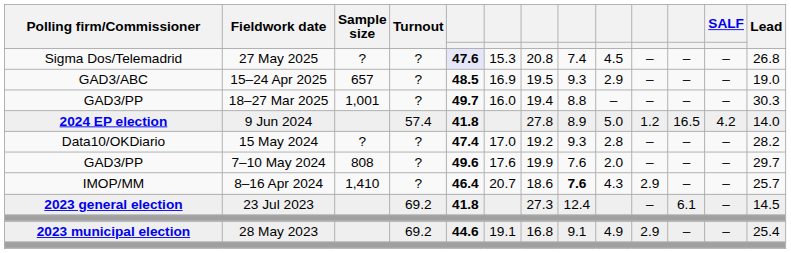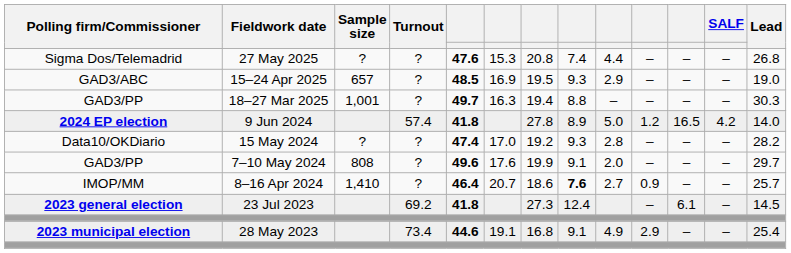 <table class="wikitable collapsible" style="text-align:center; font-size:95%; line-height:16px;">
 <tr style="height:42px;">
 <th style="width:250px;" rowspan="2">Polling firm/Commissioner</th>
 <th style="width:125px;" rowspan="2">Fieldwork date</th>
 <th style="width:50px;" rowspan="2">Sample size</th>
 <th style="width:45px;" rowspan="2">Turnout</th>
 <th style="width:35px;"></th>
 <th style="width:35px;"></th>
 <th style="width:35px;"></th>
 <th style="width:35px;"></th>
 <th style="width:35px;"><br></th>
 <th style="width:35px;"></th>
 <th style="width:35px;"></th>
 <th style="width:35px;"><a href='#'>SALF</a></th>
 <th style="width:30px;" rowspan="2">Lead</th>
 </tr>
 <tr>
 <th style="color:inherit;background:"></th>
 <th style="color:inherit;background:"></th>
 <th style="color:inherit;background:"></th>
 <th style="color:inherit;background:"></th>
 <th style="color:inherit;background:"></th>
 <th style="color:inherit;background:"></th>
 <th style="color:inherit;background:"></th>
 <th style="color:inherit;background:"></th>
 </tr>
 <tr>
 <td>Sigma Dos/Telemadrid</td>
 <td>27 May 2025</td>
 <td>?</td>
 <td>?</td>
-<td style="background: lavender;"><strong>47.6</strong><br></td>
+<td><strong>47.6</strong><br></td>
 <td>15.3<br></td>
 <td>20.8<br></td>
 <td>7.4<br></td>
-<td>4.5<br></td>
+<td>4.4<br></td>
 <td>–</td>
 <td>–</td>
 <td>–</td>
 <td style="background:">26.8</td>
 </tr>
 <tr>
 <td>GAD3/ABC</td>
 <td>15–24 Apr 2025</td>
 <td>657</td>
 <td>?</td>
 <td><strong>48.5</strong><br></td>
 <td>16.9<br></td>
 <td>19.5<br></td>
 <td>9.3<br></td>
 <td>2.9<br></td>
 <td>–</td>
 <td>–</td>
 <td>–</td>
 <td style="background:">19.0</td>
 </tr>
 <tr>
 <td>GAD3/PP</td>
 <td>18–27 Mar 2025</td>
 <td>1,001</td>
 <td>?</td>
 <td><strong>49.7</strong><br></td>
-<td>16.0<br></td>
+<td>16.3<br></td>
 <td>19.4<br></td>
 <td>8.8<br></td>
 <td>–</td>
 <td>–</td>
 <td>–</td>
 <td>–</td>
 <td style="background:">30.3</td>
 </tr>
 <tr style="background:#EFEFEF;">
 <td><strong><a href='#'>2024 EP election</a></strong></td>
 <td>9 Jun 2024</td>
 <td></td>
 <td>57.4</td>
 <td><strong>41.8</strong><br></td>
 <td></td>
 <td>27.8<br></td>
 <td>8.9<br></td>
 <td>5.0<br></td>
 <td>1.2<br></td>
 <td>16.5<br></td>
 <td>4.2<br></td>
 <td style="background:">14.0</td>
 </tr>
 <tr>
 <td>Data10/OKDiario</td>
 <td>15 May 2024</td>
 <td>?</td>
 <td>?</td>
 <td><strong>47.4</strong><br></td>
 <td>17.0<br></td>
 <td>19.2<br></td>
 <td>9.3<br></td>
 <td>2.8<br></td>
 <td>–</td>
 <td>–</td>
 <td>–</td>
 <td style="background:">28.2</td>
 </tr>
 <tr>
 <td>GAD3/PP</td>
 <td>7–10 May 2024</td>
 <td>808</td>
 <td>?</td>
 <td><strong>49.6</strong><br></td>
 <td>17.6<br></td>
 <td>19.9<br></td>
-<td>7.6<br></td>
+<td>9.1<br></td>
 <td>2.0<br></td>
 <td>–</td>
 <td>–</td>
 <td>–</td>
 <td style="background:">29.7</td>
 </tr>
 <tr>
 <td>IMOP/MM</td>
 <td>8–16 Apr 2024</td>
 <td>1,410</td>
 <td>?</td>
 <td><strong>46.4</strong><br></td>
 <td>20.7<br></td>
 <td>18.6<br></td>
 <td><strong>7.6<br></strong></td>
-<td>4.3<br></td>
-<td>2.9<br></td>
+<td>2.7<br></td>
+<td>0.9<br></td>
 <td>–</td>
 <td>–</td>
 <td style="background:">25.7</td>
 </tr>
 <tr style="background:#EFEFEF;">
 <td><strong><a href='#'>2023 general election</a></strong></td>
 <td>23 Jul 2023</td>
 <td></td>
 <td>69.2</td>
 <td><strong>41.8</strong><br></td>
 <td></td>
 <td>27.3<br></td>
 <td>12.4<br></td>
 <td></td>
 <td>–</td>
 <td>6.1<br></td>
 <td>–</td>
 <td style="background:">14.5</td>
 </tr>
 <tr>
 <td colspan="13" style="background:#A0A0A0"></td>
 </tr>
 <tr style="background:#EFEFEF;">
 <td><strong><a href='#'>2023 municipal election</a></strong></td>
 <td>28 May 2023</td>
 <td></td>
-<td>69.2</td>
+<td>73.4</td>
 <td><strong>44.6</strong><br></td>
 <td>19.1<br></td>
 <td>16.8<br></td>
 <td>9.1<br></td>
 <td>4.9<br></td>
 <td>2.9<br></td>
 <td>–</td>
 <td>–</td>
 <td style="background:">25.4</td>
 </tr>
 <tr>
 <td colspan="13" style="background:#A0A0A0"></td>
 </tr>
 </table>
